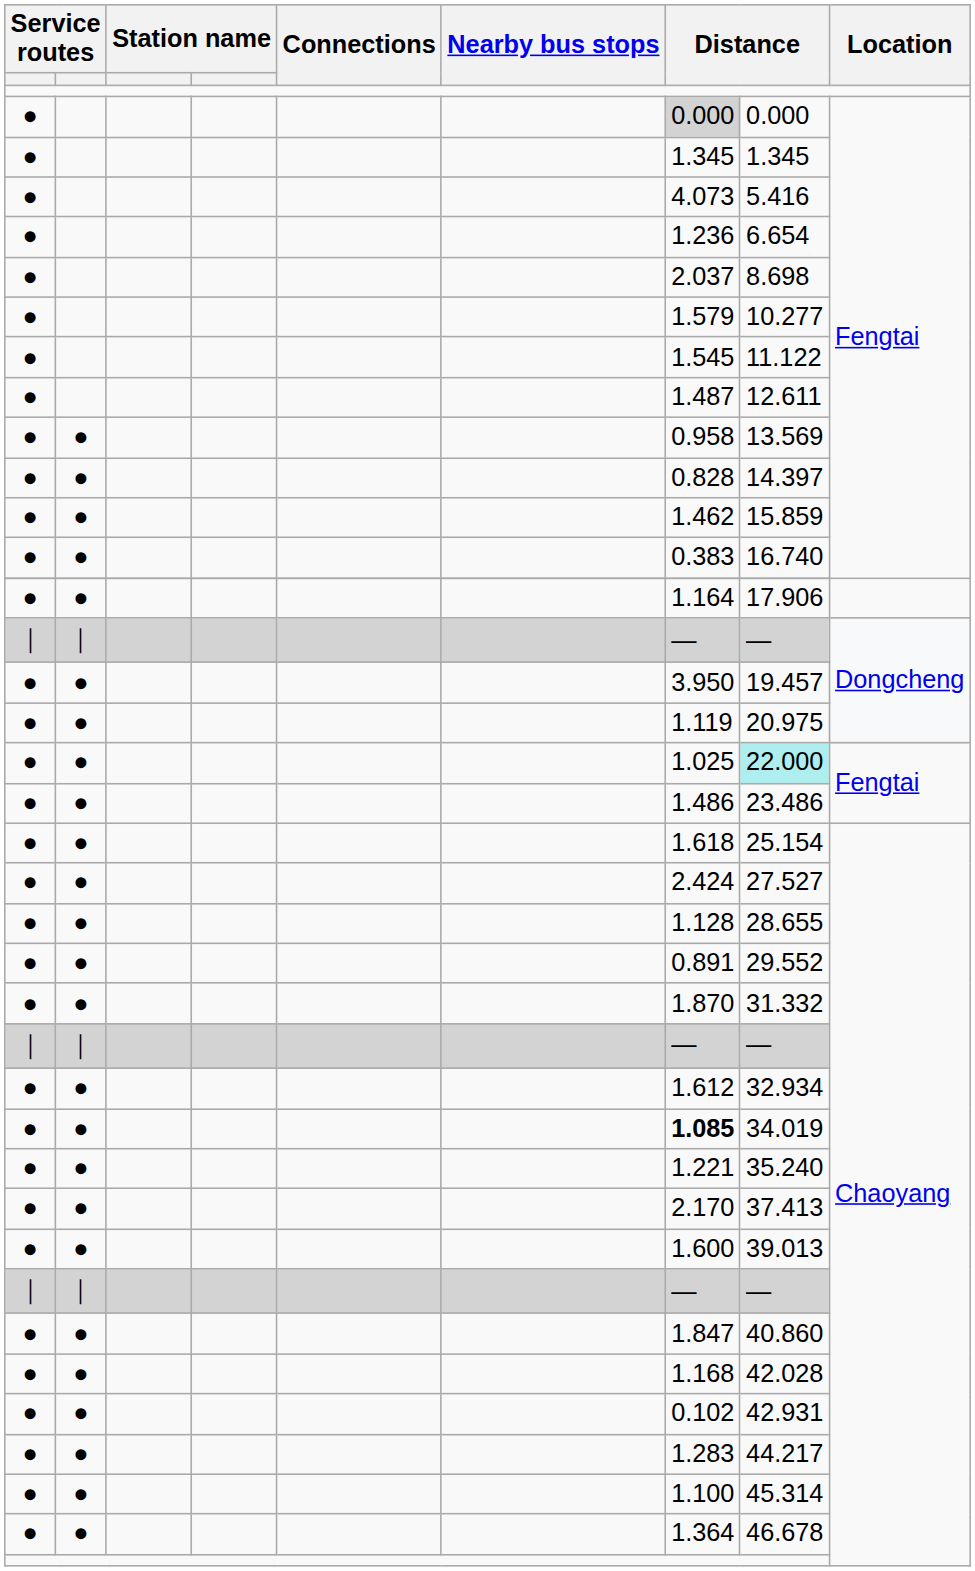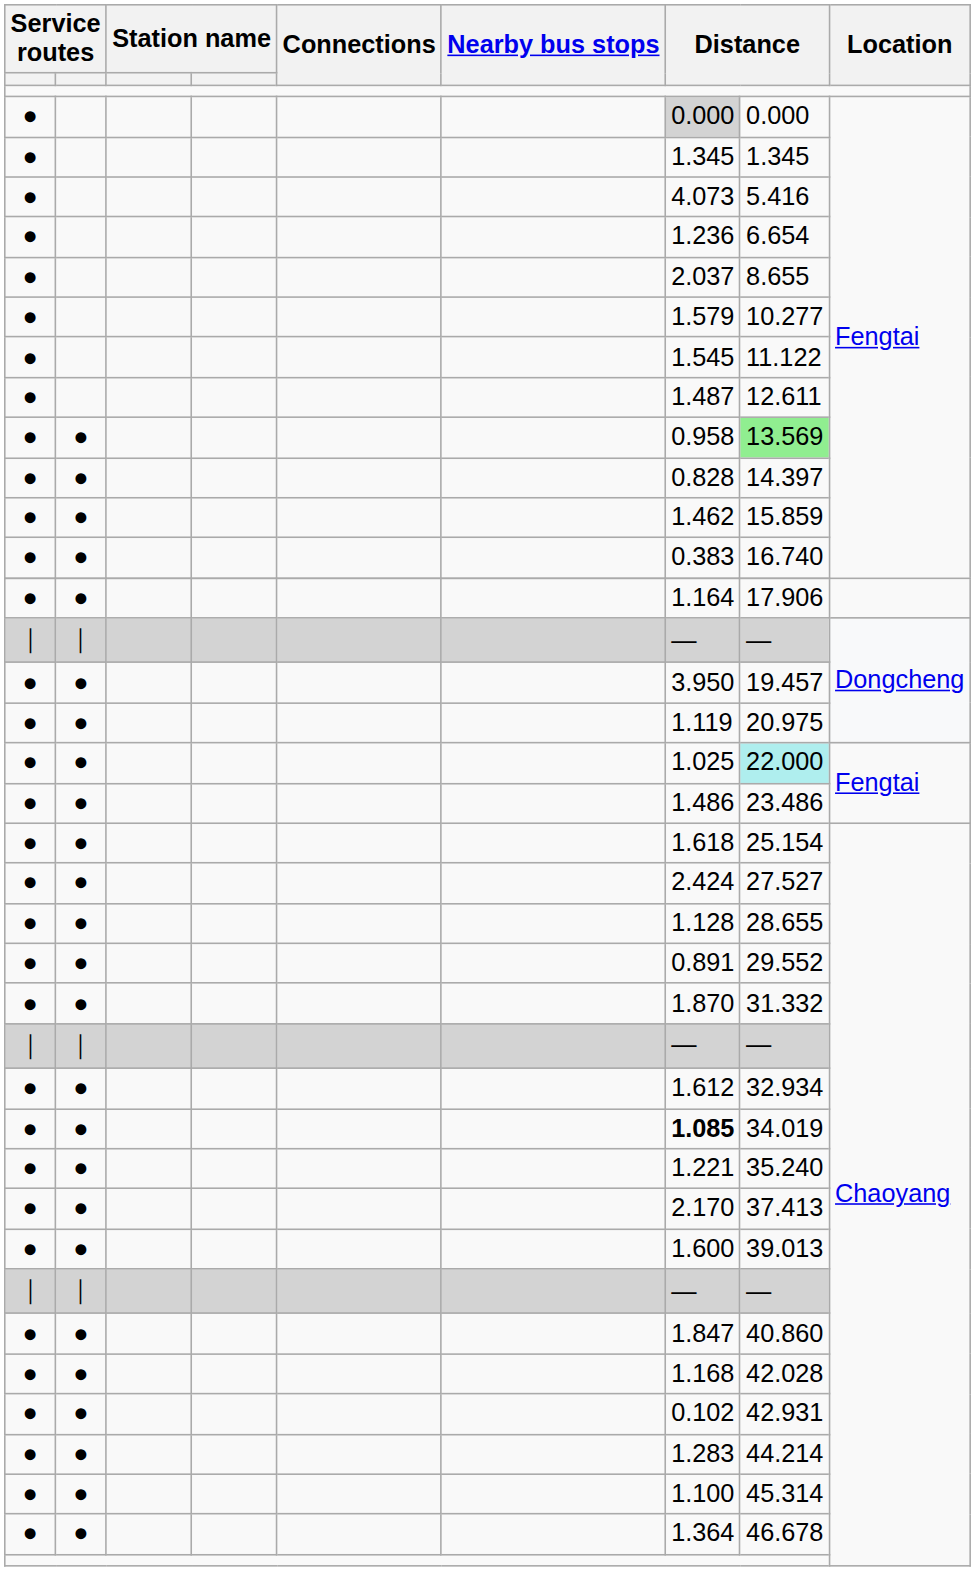 <table class="wikitable">
 <tr>
 <th colspan="2">Service<br>routes</th>
 <th colspan="2">Station name</th>
 <th rowspan="2">Connections</th>
 <th rowspan="2"><a href='#'>Nearby bus stops</a></th>
 <th colspan="2" rowspan="2">Distance<br></th>
 <th rowspan="2">Location</th>
 </tr>
 <tr>
 <th></th>
 <th></th>
 <th></th>
 <th></th>
 </tr>
 <tr style="background:#">
 <td colspan = "9"></td>
 </tr>
 <tr>
 <td align="center">●</td>
 <td align="center"></td>
 <td></td>
 <td></td>
 <td></td>
 <td></td>
 <td style="background: lightgrey;">0.000</td>
 <td>0.000</td>
 <td rowspan="13"><a href='#'>Fengtai</a></td>
 </tr>
 <tr>
 <td align="center">●</td>
 <td align="center"></td>
 <td></td>
 <td></td>
 <td></td>
 <td></td>
 <td>1.345</td>
 <td>1.345</td>
 </tr>
 <tr>
 <td align="center">●</td>
 <td align="center"></td>
 <td></td>
 <td></td>
 <td></td>
 <td></td>
 <td>4.073</td>
 <td>5.416</td>
 </tr>
 <tr>
 <td align="center">●</td>
 <td align="center"></td>
 <td></td>
 <td></td>
 <td></td>
 <td></td>
 <td>1.236</td>
 <td>6.654</td>
 </tr>
 <tr>
 <td align="center">●</td>
 <td align="center"></td>
 <td></td>
 <td></td>
 <td></td>
 <td></td>
 <td>2.037</td>
-<td>8.698</td>
+<td>8.655</td>
 </tr>
 <tr>
 <td align="center">●</td>
 <td align="center"></td>
 <td></td>
 <td></td>
 <td></td>
 <td></td>
 <td>1.579</td>
 <td>10.277</td>
 </tr>
 <tr>
 <td align="center">●</td>
 <td align="center"></td>
 <td></td>
 <td></td>
 <td></td>
 <td></td>
 <td>1.545</td>
 <td>11.122</td>
 </tr>
 <tr>
 <td align="center">●</td>
 <td align="center"></td>
 <td></td>
 <td></td>
 <td></td>
 <td></td>
 <td>1.487</td>
 <td>12.611</td>
 </tr>
 <tr>
 <td align="center">●</td>
 <td align="center">●</td>
 <td></td>
 <td></td>
 <td> </td>
 <td></td>
 <td>0.958</td>
-<td>13.569</td>
+<td style="background: lightgreen;">13.569</td>
 </tr>
 <tr>
 <td align="center">●</td>
 <td align="center">●</td>
 <td></td>
 <td></td>
 <td></td>
 <td></td>
 <td>0.828</td>
 <td>14.397</td>
 </tr>
 <tr>
 <td align="center">●</td>
 <td align="center">●</td>
 <td></td>
 <td></td>
 <td></td>
 <td></td>
 <td>1.462</td>
 <td>15.859</td>
 </tr>
 <tr>
 <td align="center">●</td>
 <td align="center">●</td>
 <td></td>
 <td></td>
 <td></td>
 <td></td>
 <td>0.383</td>
 <td>16.740</td>
 </tr>
 <tr style="background:#">
 </tr>
 <tr>
 <td align="center">●</td>
 <td align="center">●</td>
 <td></td>
 <td></td>
 <td> </td>
 <td></td>
 <td>1.164</td>
 <td>17.906</td>
 </tr>
 <tr bgcolor="lightgrey">
 <td align="center">｜</td>
 <td align="center">｜</td>
 <td><em></em></td>
 <td></td>
 <td></td>
 <td></td>
 <td>—</td>
 <td>—</td>
 <td bgcolor="#F8F9FA" rowspan="3"><a href='#'>Dongcheng</a></td>
 </tr>
 <tr>
 <td align="center">●</td>
 <td align="center">●</td>
 <td></td>
 <td></td>
 <td></td>
 <td></td>
 <td>3.950</td>
 <td>19.457</td>
 </tr>
 <tr>
 <td align="center">●</td>
 <td align="center">●</td>
 <td></td>
 <td></td>
 <td></td>
 <td></td>
 <td>1.119</td>
 <td>20.975</td>
 </tr>
 <tr>
 <td align="center">●</td>
 <td align="center">●</td>
 <td></td>
 <td></td>
 <td></td>
 <td></td>
 <td>1.025</td>
 <td style="background: paleturquoise;">22.000</td>
 <td rowspan="2"><a href='#'>Fengtai</a></td>
 </tr>
 <tr>
 <td align="center">●</td>
 <td align="center">●</td>
 <td></td>
 <td></td>
 <td></td>
 <td></td>
 <td>1.486</td>
 <td>23.486</td>
 </tr>
 <tr>
 <td align="center">●</td>
 <td align="center">●</td>
 <td></td>
 <td></td>
 <td align="left"> </td>
 <td></td>
 <td>1.618</td>
 <td>25.154</td>
 <td rowspan="20"><a href='#'>Chaoyang</a></td>
 </tr>
 <tr>
 <td align="center">●</td>
 <td align="center">●</td>
 <td></td>
 <td></td>
 <td></td>
 <td></td>
 <td>2.424</td>
 <td>27.527</td>
 </tr>
 <tr>
 <td align="center">●</td>
 <td align="center">●</td>
 <td></td>
 <td></td>
 <td></td>
 <td></td>
 <td>1.128</td>
 <td>28.655</td>
 </tr>
 <tr>
 <td align="center">●</td>
 <td align="center">●</td>
 <td></td>
 <td></td>
 <td></td>
 <td></td>
 <td>0.891</td>
 <td>29.552</td>
 </tr>
 <tr>
 <td align="center">●</td>
 <td align="center">●</td>
 <td></td>
 <td></td>
 <td> </td>
 <td></td>
 <td>1.870</td>
 <td>31.332</td>
 </tr>
 <tr bgcolor="lightgrey">
 <td align="center">｜</td>
 <td align="center">｜</td>
 <td><em></em></td>
 <td></td>
 <td></td>
 <td></td>
 <td>—</td>
 <td>—</td>
 </tr>
 <tr>
 <td align="center">●</td>
 <td align="center">●</td>
 <td></td>
 <td></td>
 <td></td>
 <td></td>
 <td>1.612</td>
 <td>32.934</td>
 </tr>
 <tr>
 <td align="center">●</td>
 <td align="center">●</td>
 <td></td>
 <td></td>
 <td></td>
 <td></td>
 <td><strong>1.085</strong></td>
 <td>34.019</td>
 </tr>
 <tr>
 <td align="center">●</td>
 <td align="center">●</td>
 <td></td>
 <td></td>
 <td></td>
 <td></td>
 <td>1.221</td>
 <td>35.240</td>
 </tr>
 <tr>
 <td align="center">●</td>
 <td align="center">●</td>
 <td></td>
 <td></td>
 <td></td>
 <td></td>
 <td>2.170</td>
 <td>37.413</td>
 </tr>
 <tr>
 <td align="center">●</td>
 <td align="center">●</td>
 <td></td>
 <td></td>
 <td></td>
 <td></td>
 <td>1.600</td>
 <td>39.013</td>
 </tr>
 <tr bgcolor="lightgrey">
 <td align="center">｜</td>
 <td align="center">｜</td>
 <td><em></em></td>
 <td></td>
 <td></td>
 <td></td>
 <td>—</td>
 <td>—</td>
 </tr>
 <tr>
 <td align="center">●</td>
 <td align="center">●</td>
 <td></td>
 <td></td>
 <td></td>
 <td></td>
 <td>1.847</td>
 <td>40.860</td>
 </tr>
 <tr>
 <td align="center">●</td>
 <td align="center">●</td>
 <td></td>
 <td></td>
 <td></td>
 <td></td>
 <td>1.168</td>
 <td>42.028</td>
 </tr>
 <tr>
 <td align="center">●</td>
 <td align="center">●</td>
 <td></td>
 <td></td>
 <td></td>
 <td></td>
 <td>0.102</td>
 <td>42.931</td>
 </tr>
 <tr>
 <td align="center">●</td>
 <td align="center">●</td>
 <td></td>
 <td></td>
 <td></td>
 <td></td>
 <td>1.283</td>
-<td>44.217</td>
+<td>44.214</td>
 </tr>
 <tr>
 <td align="center">●</td>
 <td align="center">●</td>
 <td></td>
 <td></td>
 <td></td>
 <td></td>
 <td>1.100</td>
 <td>45.314</td>
 </tr>
 <tr>
 <td align="center">●</td>
 <td align="center">●</td>
 <td></td>
 <td></td>
 <td></td>
 <td></td>
 <td>1.364</td>
 <td>46.678</td>
 </tr>
 <tr style="background:#">
 <td colspan = "9"></td>
 </tr>
 </table>
